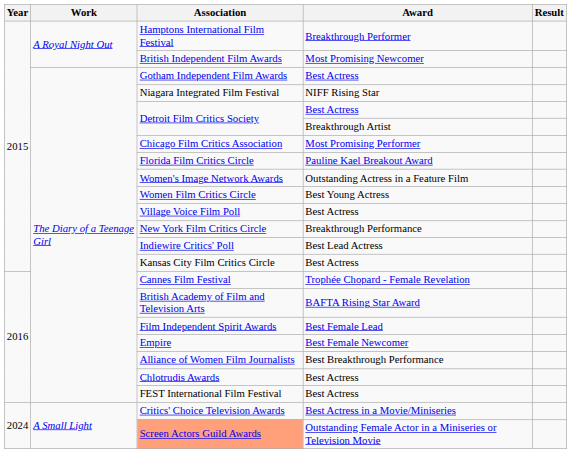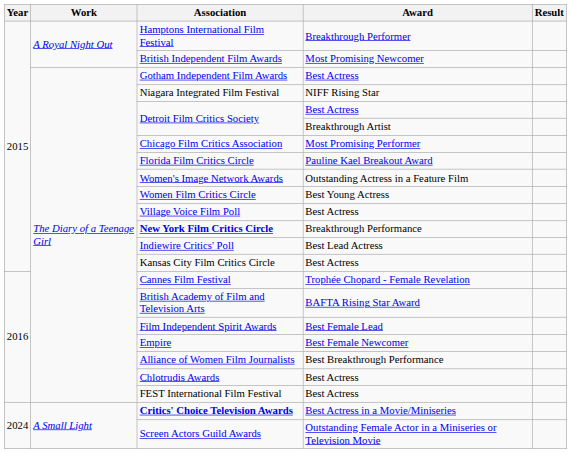 <table class="wikitable sortable" width="95%">
 <tr>
 <th>Year</th>
 <th>Work</th>
 <th>Association</th>
 <th>Award</th>
 <th>Result</th>
 </tr>
 <tr>
 <td rowspan="14" align="center">2015</td>
 <td rowspan="2"><em><a href='#'>A Royal Night Out</a></em></td>
 <td><a href='#'>Hamptons International Film Festival</a></td>
 <td><a href='#'>Breakthrough Performer</a></td>
 <td></td>
 </tr>
 <tr>
 <td><a href='#'>British Independent Film Awards</a></td>
 <td><a href='#'>Most Promising Newcomer</a></td>
 <td></td>
 </tr>
 <tr>
 <td rowspan="19"><em><a href='#'>The Diary of a Teenage Girl</a></em></td>
 <td><a href='#'>Gotham Independent Film Awards</a></td>
 <td><a href='#'>Best Actress</a></td>
 <td></td>
 </tr>
 <tr>
 <td>Niagara Integrated Film Festival</td>
 <td>NIFF Rising Star</td>
 <td></td>
 </tr>
 <tr>
 <td rowspan="2"><a href='#'>Detroit Film Critics Society</a></td>
 <td><a href='#'>Best Actress</a></td>
 <td></td>
 </tr>
 <tr>
 <td>Breakthrough Artist</td>
 <td></td>
 </tr>
 <tr>
 <td><a href='#'>Chicago Film Critics Association</a></td>
 <td><a href='#'>Most Promising Performer</a></td>
 <td></td>
 </tr>
 <tr>
 <td><a href='#'>Florida Film Critics Circle</a></td>
 <td><a href='#'>Pauline Kael Breakout Award</a></td>
 <td></td>
 </tr>
 <tr>
 <td><a href='#'>Women's Image Network Awards</a></td>
 <td>Outstanding Actress in a Feature Film</td>
 <td></td>
 </tr>
 <tr>
 <td><a href='#'>Women Film Critics Circle</a></td>
 <td>Best Young Actress</td>
 <td></td>
 </tr>
 <tr>
 <td><a href='#'>Village Voice Film Poll</a></td>
 <td>Best Actress</td>
 <td></td>
 </tr>
 <tr>
-<td><a href='#'>New York Film Critics Circle</a></td>
+<td><strong><a href='#'>New York Film Critics Circle</a></strong></td>
 <td>Breakthrough Performance</td>
 <td></td>
 </tr>
 <tr>
 <td><a href='#'>Indiewire Critics' Poll</a></td>
 <td>Best Lead Actress</td>
 <td></td>
 </tr>
 <tr>
 <td>Kansas City Film Critics Circle</td>
 <td>Best Actress</td>
 <td></td>
 </tr>
 <tr>
 <td rowspan="7" align="center">2016</td>
 <td><a href='#'>Cannes Film Festival</a></td>
 <td><a href='#'>Trophée Chopard - Female Revelation</a></td>
 <td></td>
 </tr>
 <tr>
 <td><a href='#'>British Academy of Film and Television Arts</a></td>
 <td><a href='#'>BAFTA Rising Star Award</a></td>
 <td></td>
 </tr>
 <tr>
 <td><a href='#'>Film Independent Spirit Awards</a></td>
 <td><a href='#'>Best Female Lead</a></td>
 <td></td>
 </tr>
 <tr>
 <td><a href='#'>Empire</a></td>
 <td><a href='#'>Best Female Newcomer</a></td>
 <td></td>
 </tr>
 <tr>
 <td><a href='#'>Alliance of Women Film Journalists</a></td>
 <td>Best Breakthrough Performance</td>
 <td></td>
 </tr>
 <tr>
 <td><a href='#'>Chlotrudis Awards</a></td>
 <td>Best Actress</td>
 <td></td>
 </tr>
 <tr>
 <td>FEST International Film Festival</td>
 <td>Best Actress</td>
 <td></td>
 </tr>
 <tr>
 <td rowspan="2" align="center">2024</td>
 <td rowspan="2"><em><a href='#'>A Small Light</a></em></td>
-<td><a href='#'>Critics' Choice Television Awards</a></td>
+<td><strong><a href='#'>Critics' Choice Television Awards</a></strong></td>
 <td><a href='#'>Best Actress in a Movie/Miniseries</a></td>
 <td></td>
 </tr>
 <tr>
-<td style="background: lightsalmon;"><a href='#'>Screen Actors Guild Awards</a></td>
+<td><a href='#'>Screen Actors Guild Awards</a></td>
 <td><a href='#'>Outstanding Female Actor in a Miniseries or Television Movie</a></td>
 <td></td>
 </tr>
 </table>
